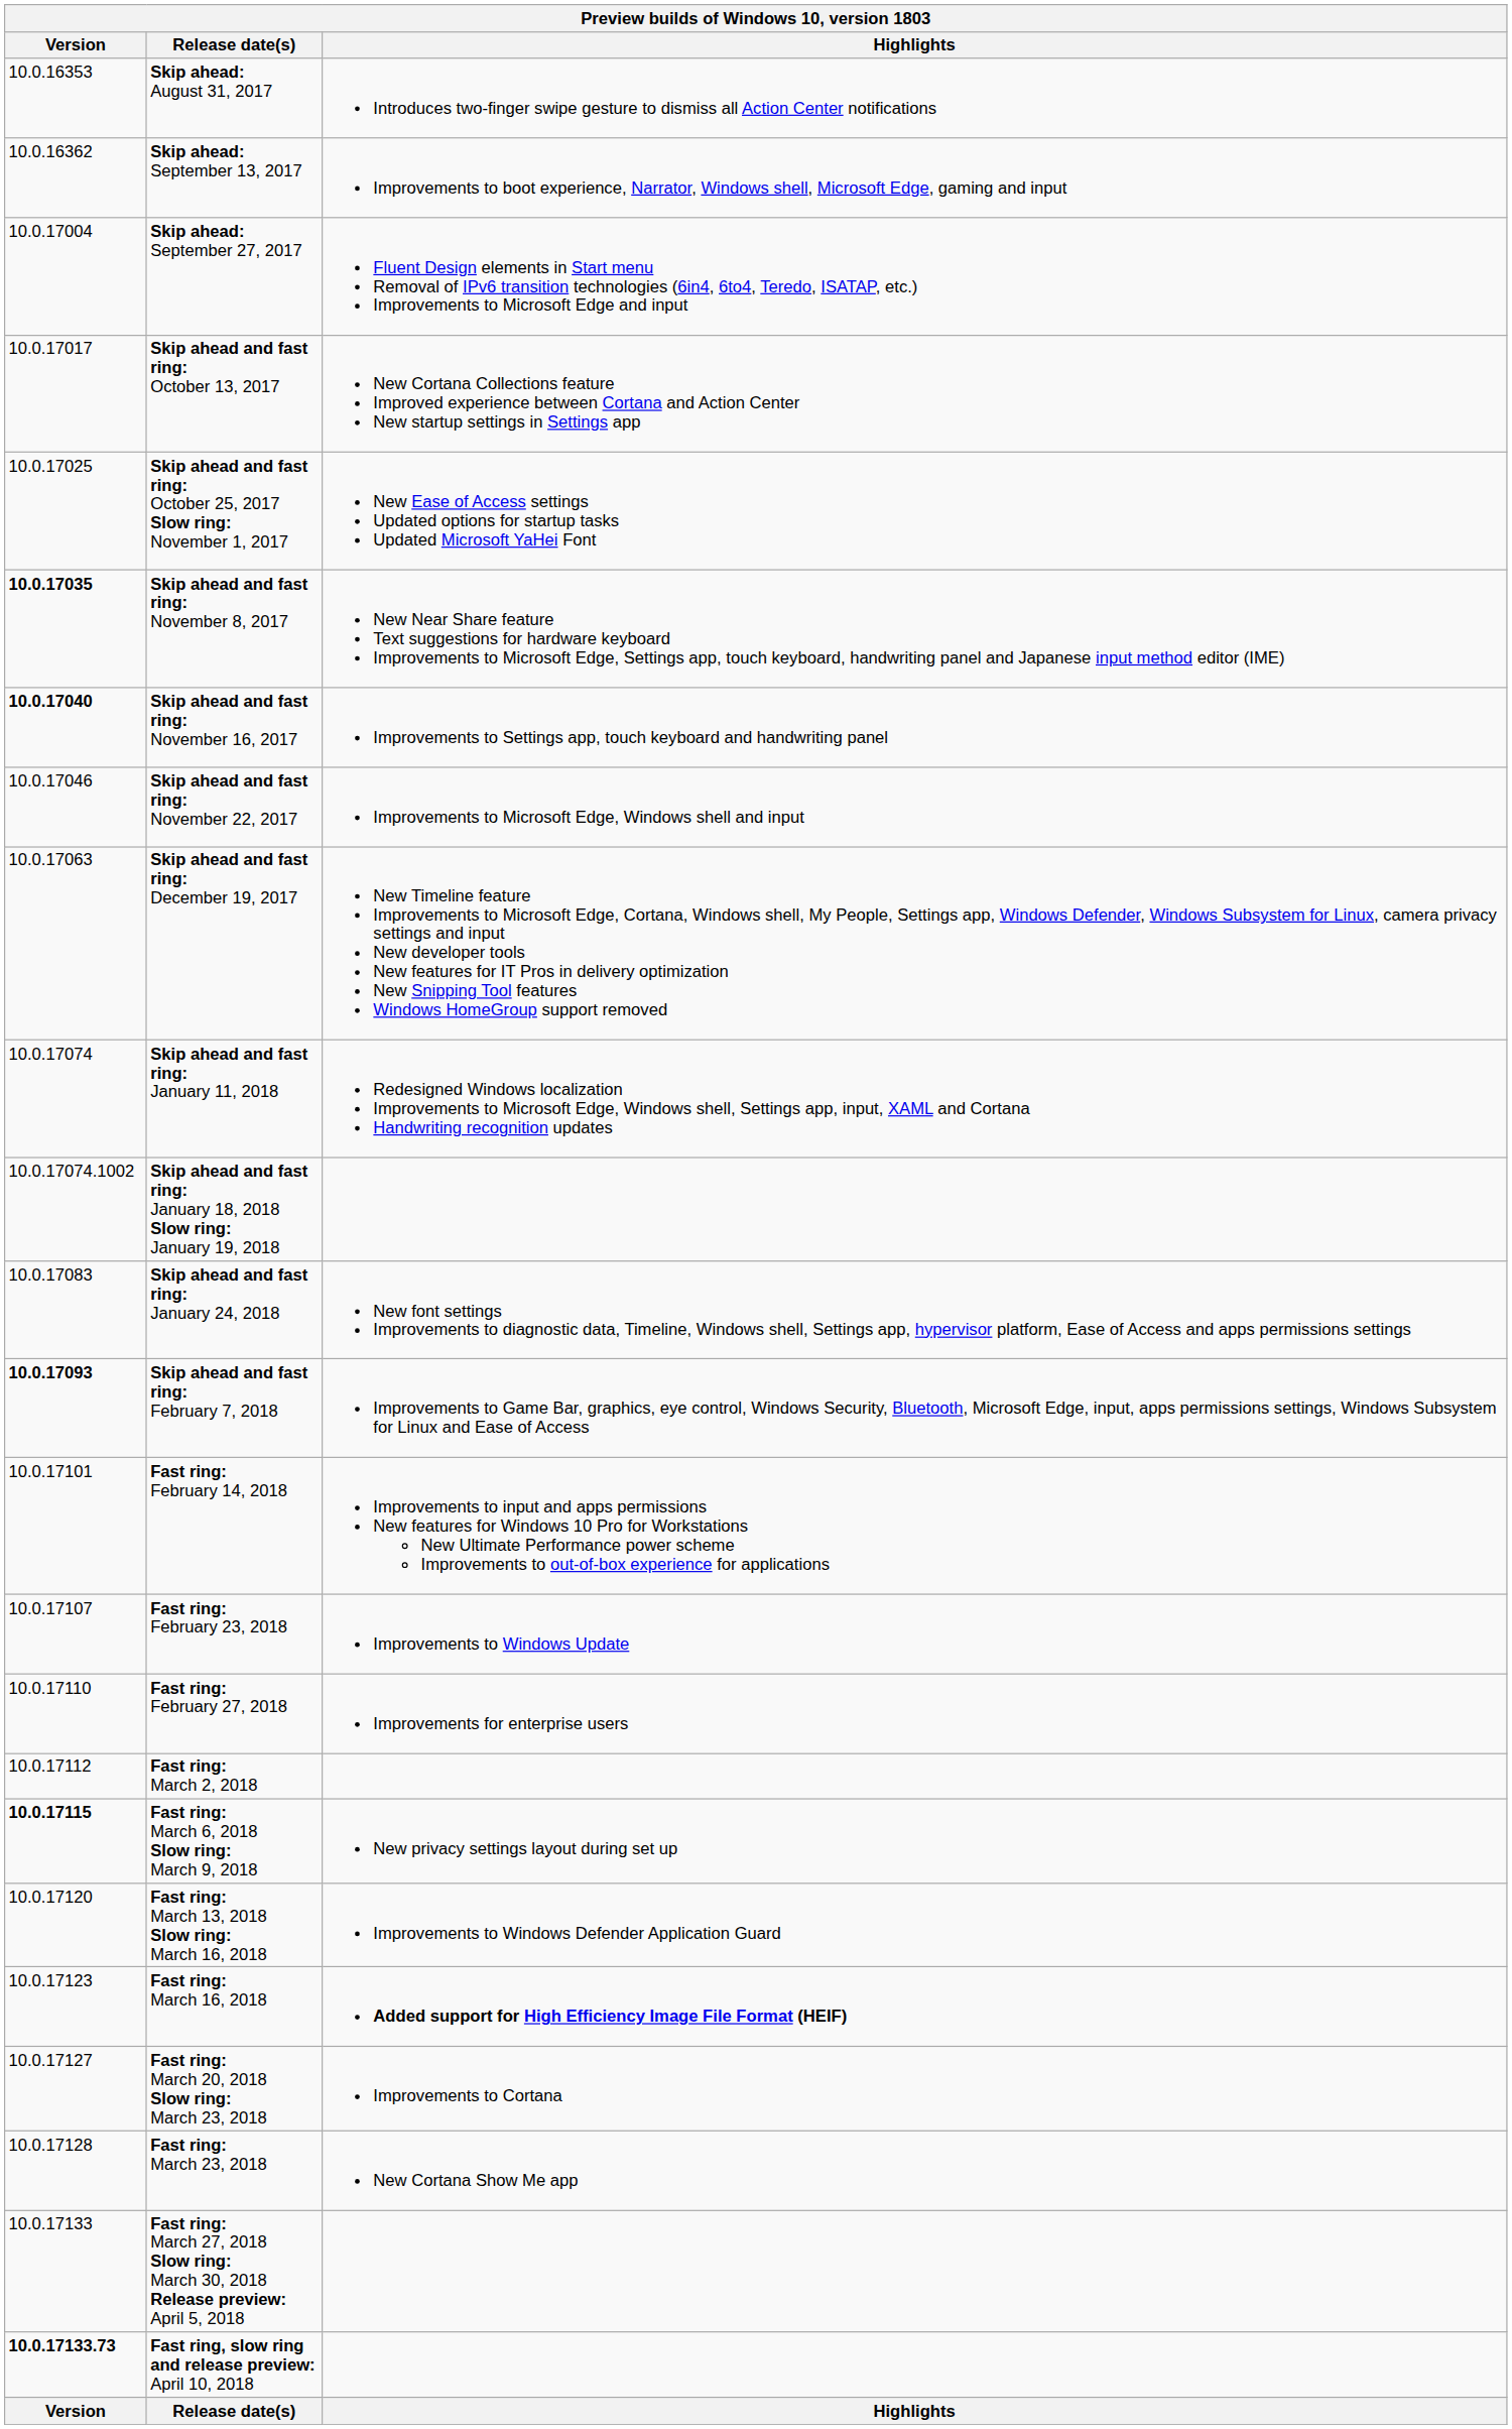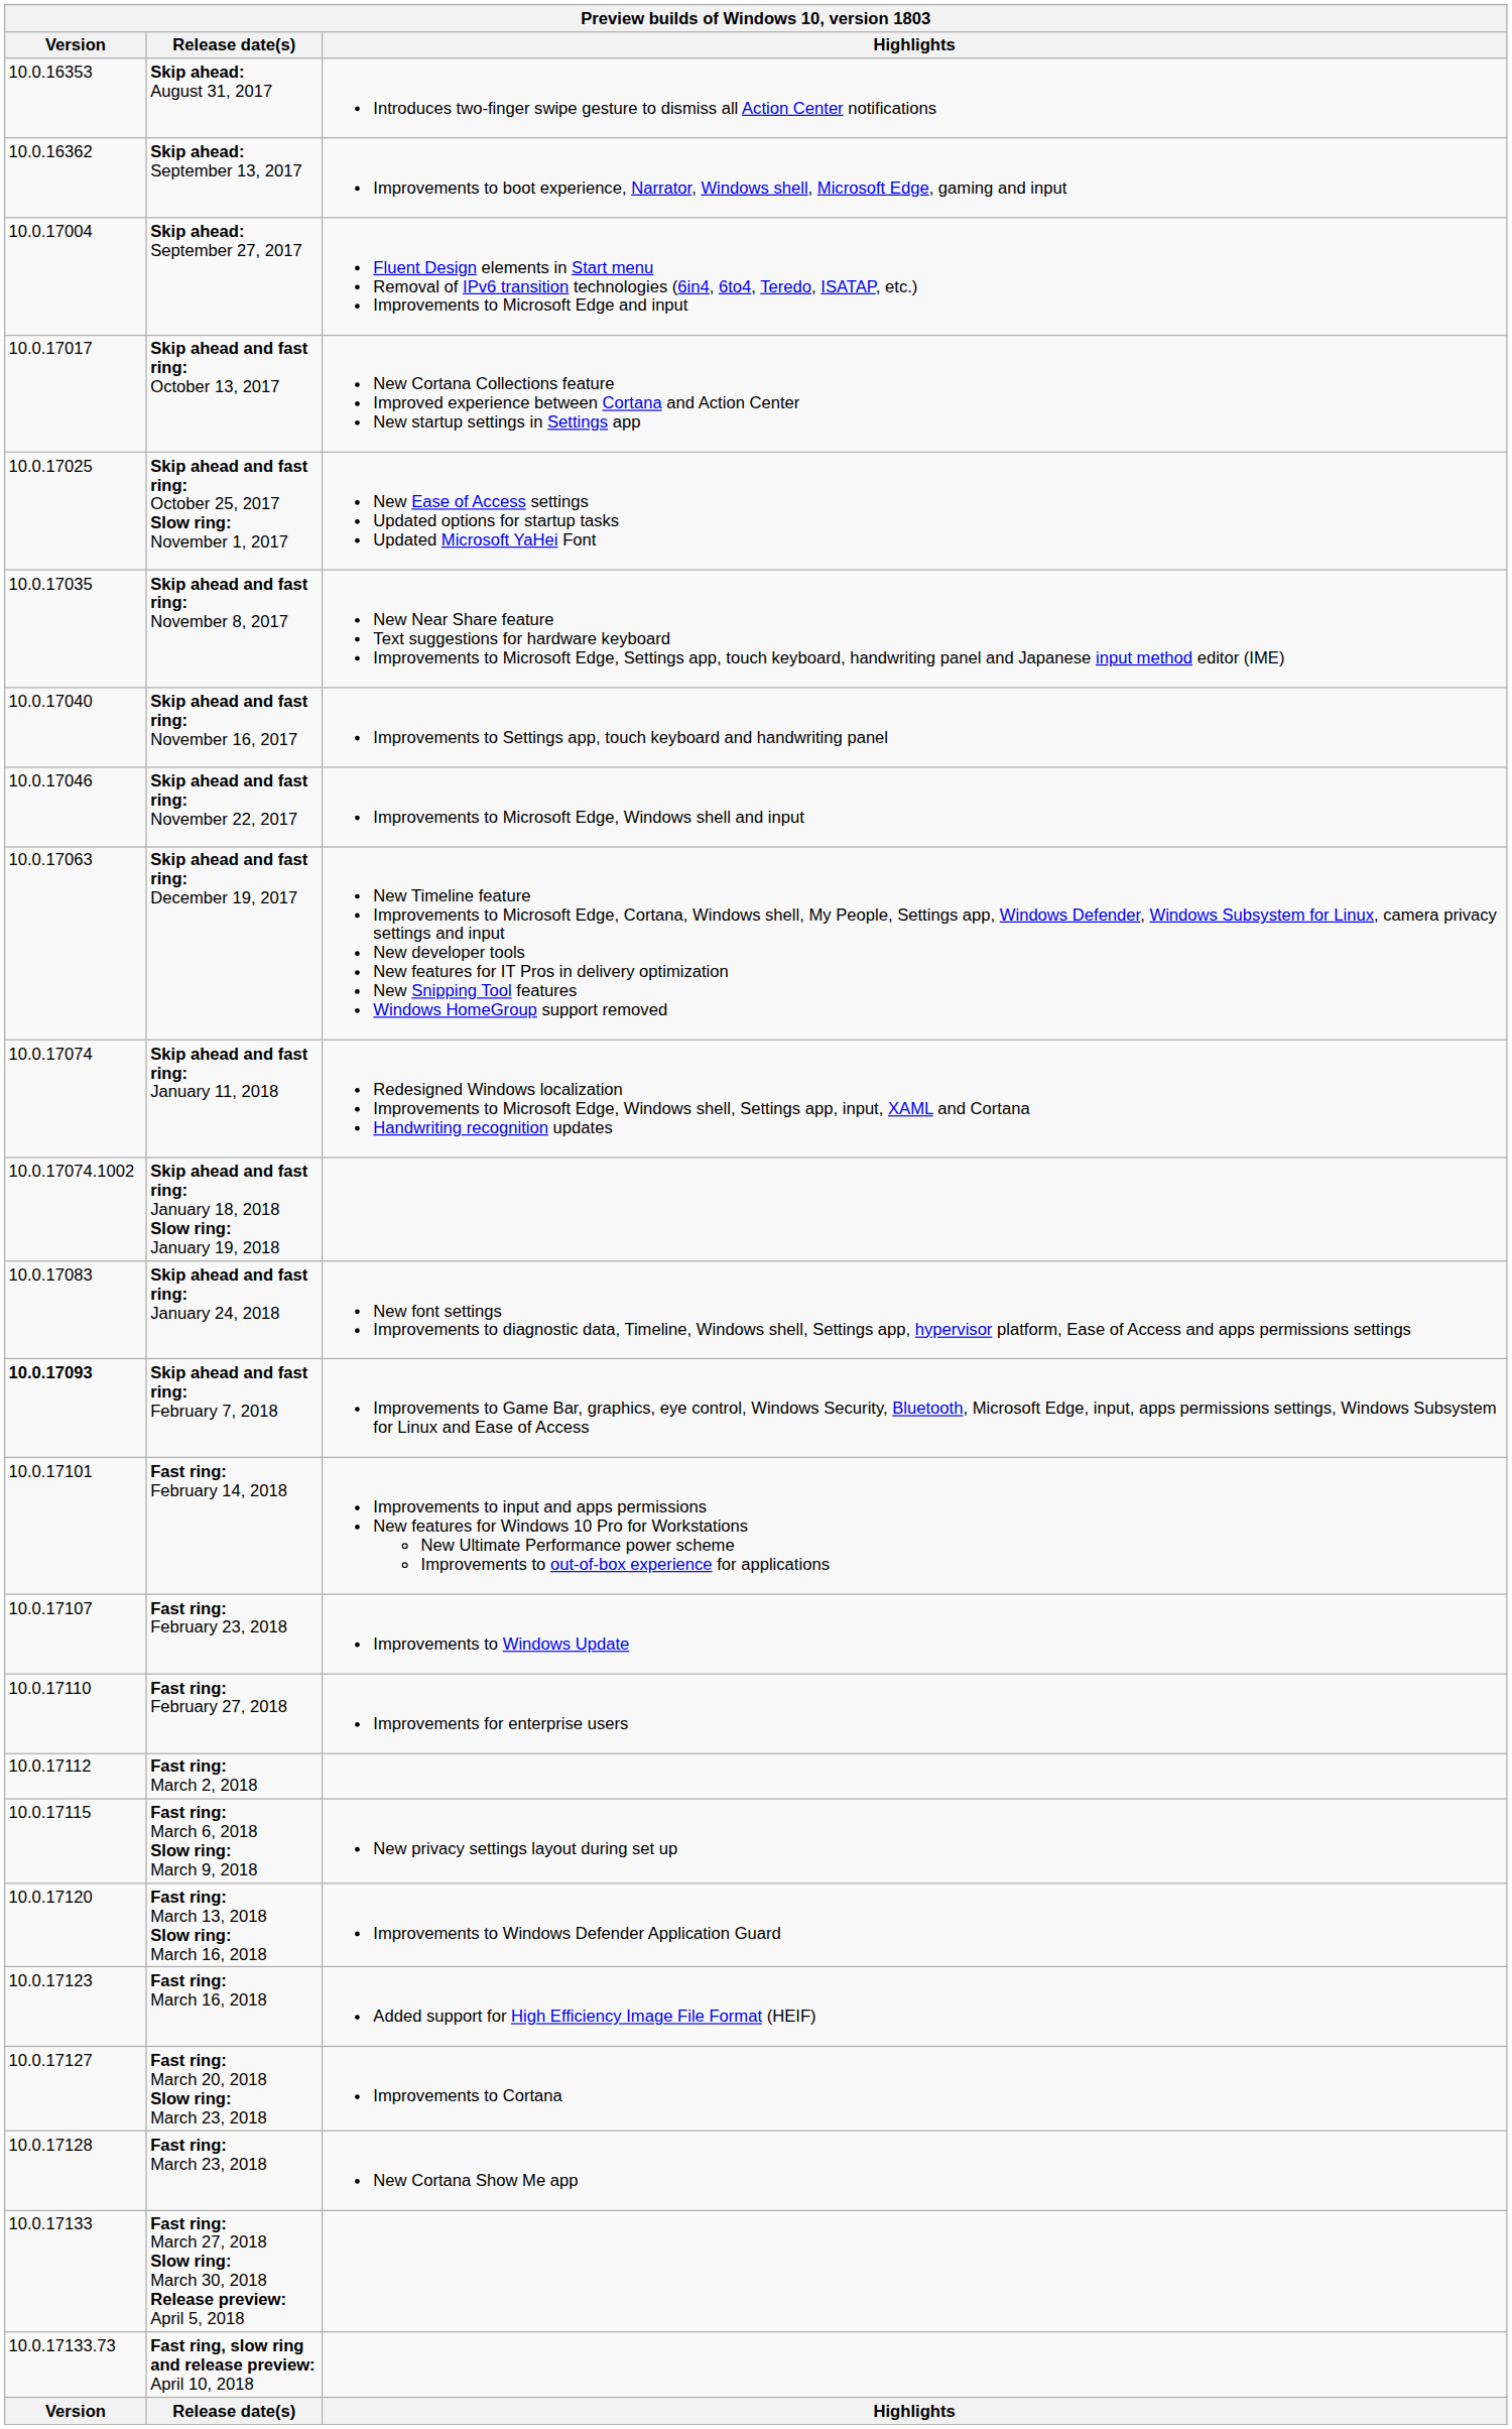 <table class="wikitable mw-collapsible mw-collapsed" style=width:100%;font-size:88%>
 <tr>
 <th colspan=3 style=text-align:center>Preview builds of Windows 10, version 1803</th>
 </tr>
 <tr>
 <th scope=col style=width:8em;text-align:center>Version</th>
 <th scope=col style=width:10em;text-align:center>Release date(s)</th>
 <th scope=col style=text-align:center>Highlights</th>
 </tr>
 <tr valign=top>
 <td>10.0.16353<br></td>
 <td><strong>Skip ahead:</strong><br>August 31, 2017</td>
 <td><br><ul><li>Introduces two-finger swipe gesture to dismiss all <a href='#'>Action Center</a> notifications</li></ul></td>
 </tr>
 <tr valign=top>
 <td>10.0.16362<br></td>
 <td><strong>Skip ahead:</strong><br>September 13, 2017</td>
 <td><br><ul><li>Improvements to boot experience, <a href='#'>Narrator</a>, <a href='#'>Windows shell</a>, <a href='#'>Microsoft Edge</a>, gaming and input</li></ul></td>
 </tr>
 <tr valign=top>
 <td>10.0.17004<br></td>
 <td><strong>Skip ahead:</strong><br>September 27, 2017</td>
 <td><br><ul><li><a href='#'>Fluent Design</a> elements in <a href='#'>Start menu</a></li><li>Removal of <a href='#'>IPv6 transition</a> technologies (<a href='#'>6in4</a>, <a href='#'>6to4</a>, <a href='#'>Teredo</a>, <a href='#'>ISATAP</a>, etc.)</li><li>Improvements to Microsoft Edge and input</li></ul></td>
 </tr>
 <tr valign=top>
 <td>10.0.17017<br></td>
 <td><strong>Skip ahead and fast ring:</strong><br>October 13, 2017</td>
 <td><br><ul><li>New Cortana Collections feature</li><li>Improved experience between <a href='#'>Cortana</a> and Action Center</li><li>New startup settings in <a href='#'>Settings</a> app</li></ul></td>
 </tr>
 <tr valign=top>
 <td>10.0.17025<br></td>
 <td><strong>Skip ahead and fast ring:</strong><br>October 25, 2017<br><strong>Slow ring:</strong><br>November 1, 2017</td>
 <td><br><ul><li>New <a href='#'>Ease of Access</a> settings</li><li>Updated options for startup tasks</li><li>Updated <a href='#'>Microsoft YaHei</a> Font</li></ul></td>
 </tr>
 <tr valign=top>
-<td><strong>10.0.17035<br></strong></td>
+<td>10.0.17035<br></td>
 <td><strong>Skip ahead and fast ring:</strong><br>November 8, 2017</td>
 <td><br><ul><li>New Near Share feature</li><li>Text suggestions for hardware keyboard</li><li>Improvements to Microsoft Edge, Settings app, touch keyboard, handwriting panel and Japanese <a href='#'>input method</a> editor (IME)</li></ul></td>
 </tr>
 <tr valign=top>
-<td><strong>10.0.17040<br></strong></td>
+<td>10.0.17040<br></td>
 <td><strong>Skip ahead and fast ring:</strong><br>November 16, 2017</td>
 <td><br><ul><li>Improvements to Settings app, touch keyboard and handwriting panel</li></ul></td>
 </tr>
 <tr valign=top>
 <td>10.0.17046<br></td>
 <td><strong>Skip ahead and fast ring:</strong><br>November 22, 2017</td>
 <td><br><ul><li>Improvements to Microsoft Edge, Windows shell and input</li></ul></td>
 </tr>
 <tr valign=top>
 <td>10.0.17063<br></td>
 <td><strong>Skip ahead and fast ring:</strong><br>December 19, 2017</td>
 <td><br><ul><li>New Timeline feature</li><li>Improvements to Microsoft Edge, Cortana, Windows shell, My People, Settings app, <a href='#'>Windows Defender</a>, <a href='#'>Windows Subsystem for Linux</a>, camera privacy settings and input</li><li>New developer tools</li><li>New features for IT Pros in delivery optimization</li><li>New <a href='#'>Snipping Tool</a> features</li><li><a href='#'>Windows HomeGroup</a> support removed</li></ul></td>
 </tr>
 <tr valign=top>
 <td>10.0.17074<br></td>
 <td><strong>Skip ahead and fast ring:</strong><br>January 11, 2018</td>
 <td><br><ul><li>Redesigned Windows localization</li><li>Improvements to Microsoft Edge, Windows shell, Settings app, input, <a href='#'>XAML</a> and Cortana</li><li><a href='#'>Handwriting recognition</a> updates</li></ul></td>
 </tr>
 <tr valign=top>
 <td>10.0.17074.1002<br></td>
 <td><strong>Skip ahead and fast ring:</strong><br>January 18, 2018<br><strong>Slow ring:</strong><br>January 19, 2018</td>
 <td></td>
 </tr>
 <tr valign=top>
 <td>10.0.17083<br></td>
 <td><strong>Skip ahead and fast ring:</strong><br>January 24, 2018</td>
 <td><br><ul><li>New font settings</li><li>Improvements to diagnostic data, Timeline, Windows shell, Settings app, <a href='#'>hypervisor</a> platform, Ease of Access and apps permissions settings</li></ul></td>
 </tr>
 <tr valign=top>
 <td><strong>10.0.17093<br></strong></td>
 <td><strong>Skip ahead and fast ring:</strong><br>February 7, 2018</td>
 <td><br><ul><li>Improvements to Game Bar, graphics, eye control, Windows Security, <a href='#'>Bluetooth</a>, Microsoft Edge, input, apps permissions settings, Windows Subsystem for Linux and Ease of Access</li></ul></td>
 </tr>
 <tr valign=top>
 <td>10.0.17101<br></td>
 <td><strong>Fast ring:</strong><br>February 14, 2018</td>
 <td><br><ul><li>Improvements to input and apps permissions</li><li>New features for Windows 10 Pro for Workstations<ul><li>New Ultimate Performance power scheme</li><li>Improvements to <a href='#'>out-of-box experience</a> for applications</li></ul></li></ul></td>
 </tr>
 <tr valign=top>
 <td>10.0.17107<br></td>
 <td><strong>Fast ring:</strong><br>February 23, 2018</td>
 <td><br><ul><li>Improvements to <a href='#'>Windows Update</a></li></ul></td>
 </tr>
 <tr valign=top>
 <td>10.0.17110<br></td>
 <td><strong>Fast ring:</strong><br>February 27, 2018</td>
 <td><br><ul><li>Improvements for enterprise users</li></ul></td>
 </tr>
 <tr valign=top>
 <td>10.0.17112<br></td>
 <td><strong>Fast ring:</strong><br>March 2, 2018</td>
 <td></td>
 </tr>
 <tr valign=top>
-<td><strong>10.0.17115<br></strong></td>
+<td>10.0.17115<br></td>
 <td><strong>Fast ring:</strong><br>March 6, 2018<br><strong>Slow ring:</strong><br>March 9, 2018</td>
 <td><br><ul><li>New privacy settings layout during set up</li></ul></td>
 </tr>
 <tr valign=top>
 <td>10.0.17120<br></td>
 <td><strong>Fast ring:</strong><br>March 13, 2018<br><strong>Slow ring:</strong><br>March 16, 2018</td>
 <td><br><ul><li>Improvements to Windows Defender Application Guard</li></ul></td>
 </tr>
 <tr valign=top>
 <td>10.0.17123<br></td>
 <td><strong>Fast ring:</strong><br>March 16, 2018</td>
-<td><strong><br><ul><li>Added support for <a href='#'>High Efficiency Image File Format</a> (HEIF)</li></ul></strong></td>
+<td><br><ul><li>Added support for <a href='#'>High Efficiency Image File Format</a> (HEIF)</li></ul></td>
 </tr>
 <tr valign=top>
 <td>10.0.17127<br></td>
 <td><strong>Fast ring:</strong><br>March 20, 2018<br><strong>Slow ring:</strong><br>March 23, 2018</td>
 <td><br><ul><li>Improvements to Cortana</li></ul></td>
 </tr>
 <tr valign=top>
 <td>10.0.17128<br></td>
 <td><strong>Fast ring:</strong><br>March 23, 2018</td>
 <td><br><ul><li>New Cortana Show Me app</li></ul></td>
 </tr>
 <tr valign=top>
 <td>10.0.17133<br></td>
 <td><strong>Fast ring:</strong><br>March 27, 2018<br><strong>Slow ring:</strong><br>March 30, 2018 <strong>Release preview:</strong><br>April 5, 2018</td>
 <td></td>
 </tr>
 <tr valign=top>
-<td><strong>10.0.17133.73<br></strong></td>
+<td>10.0.17133.73<br></td>
 <td><strong>Fast ring, slow ring and release preview:</strong><br>April 10, 2018</td>
 <td></td>
 </tr>
 <tr>
 <th>Version</th>
 <th>Release date(s)</th>
 <th>Highlights</th>
 </tr>
 </table>
